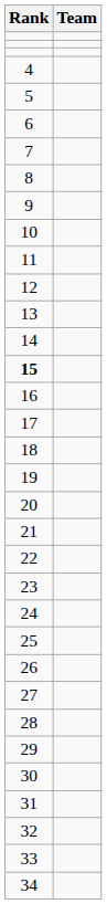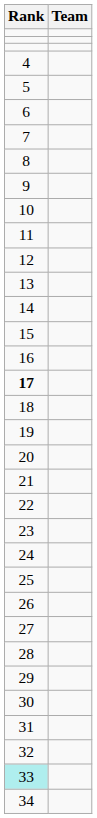 <table class="wikitable">
 <tr>
 <th>Rank</th>
 <th>Team</th>
 </tr>
 <tr>
 <td align=center></td>
 <td></td>
 </tr>
 <tr>
 <td align=center></td>
 <td></td>
 </tr>
 <tr>
 <td align=center></td>
 <td></td>
 </tr>
 <tr>
 <td align=center>4</td>
 <td></td>
 </tr>
 <tr>
 <td align=center>5</td>
 <td></td>
 </tr>
 <tr>
 <td align=center>6</td>
 <td></td>
 </tr>
 <tr>
 <td align=center>7</td>
 <td></td>
 </tr>
 <tr>
 <td align=center>8</td>
 <td></td>
 </tr>
 <tr>
 <td align=center>9</td>
 <td></td>
 </tr>
 <tr>
 <td align=center>10</td>
 <td></td>
 </tr>
 <tr>
 <td align=center>11</td>
 <td></td>
 </tr>
 <tr>
 <td align=center>12</td>
 <td></td>
 </tr>
 <tr>
 <td align=center>13</td>
 <td></td>
 </tr>
 <tr>
 <td align=center>14</td>
 <td></td>
 </tr>
 <tr>
-<td align=center><strong>15</strong></td>
+<td align=center>15</td>
 <td></td>
 </tr>
 <tr>
 <td align=center>16</td>
 <td></td>
 </tr>
 <tr>
-<td align=center>17</td>
+<td align=center><strong>17</strong></td>
 <td></td>
 </tr>
 <tr>
 <td align=center>18</td>
 <td></td>
 </tr>
 <tr>
 <td align=center>19</td>
 <td></td>
 </tr>
 <tr>
 <td align=center>20</td>
 <td></td>
 </tr>
 <tr>
 <td align=center>21</td>
 <td></td>
 </tr>
 <tr>
 <td align=center>22</td>
 <td></td>
 </tr>
 <tr>
 <td align=center>23</td>
 <td></td>
 </tr>
 <tr>
 <td align=center>24</td>
 <td></td>
 </tr>
 <tr>
 <td align=center>25</td>
 <td></td>
 </tr>
 <tr>
 <td align=center>26</td>
 <td></td>
 </tr>
 <tr>
 <td align=center>27</td>
 <td></td>
 </tr>
 <tr>
 <td align=center>28</td>
 <td></td>
 </tr>
 <tr>
 <td align=center>29</td>
 <td></td>
 </tr>
 <tr>
 <td align=center>30</td>
 <td></td>
 </tr>
 <tr>
 <td align=center>31</td>
 <td></td>
 </tr>
 <tr>
 <td align=center>32</td>
 <td></td>
 </tr>
 <tr>
-<td align=center>33</td>
+<td align=center style="background: paleturquoise;">33</td>
 <td></td>
 </tr>
 <tr>
 <td align=center>34</td>
 <td></td>
 </tr>
 </table>
